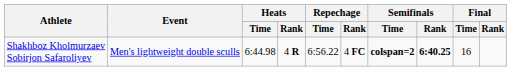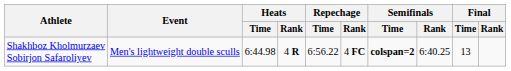 <table class="wikitable" style="font-size:90%">
 <tr>
 <th rowspan="2">Athlete</th>
 <th rowspan="2">Event</th>
 <th colspan="2">Heats</th>
 <th colspan="2">Repechage</th>
 <th colspan="2">Semifinals</th>
 <th colspan="2">Final</th>
 </tr>
 <tr style="font-size:95%">
 <th>Time</th>
 <th>Rank</th>
 <th>Time</th>
 <th>Rank</th>
 <th>Time</th>
 <th>Rank</th>
 <th>Time</th>
 <th>Rank</th>
 </tr>
 <tr align=center>
 <td align=left><a href='#'>Shakhboz Kholmurzaev</a><br><a href='#'>Sobirjon Safaroliyev</a></td>
 <td align=left><a href='#'>Men's lightweight double sculls</a></td>
 <td>6:44.98</td>
 <td>4 <strong>R</strong></td>
 <td>6:56.22</td>
 <td>4 <strong>FC</strong></td>
 <td><strong>colspan=2</strong></td>
-<td><strong>6:40.25</strong></td>
-<td>16</td>
+<td>6:40.25</td>
+<td>13</td>
 </tr>
 </table>
